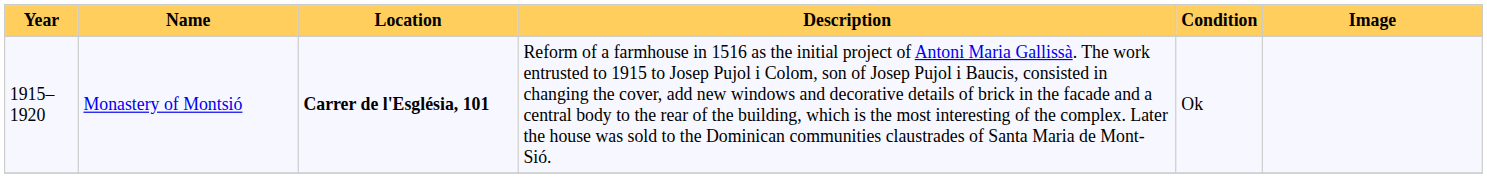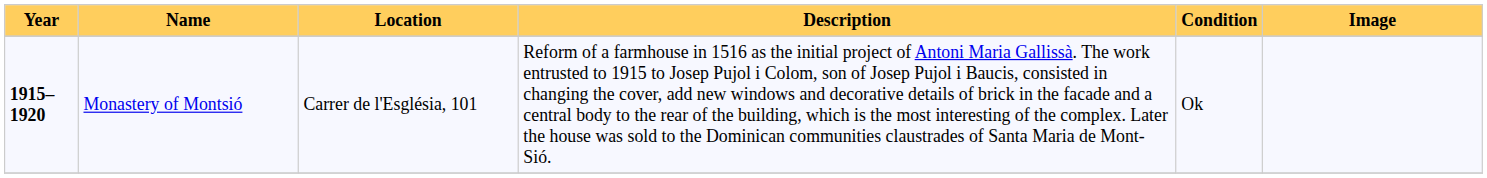 <table bgcolor="#f7f8ff" cellpadding="4" cellspacing="0" border="1" style="font-size: 95%; border: #cccccc solid 1px; border-collapse: collapse;">
 <tr>
 <th width="5%" style="background:#ffce5d;">Year</th>
 <th width="15%" style="background:#ffce5d;">Name</th>
 <th width="15%" style="background:#ffce5d;">Location</th>
 <th width="45%" style="background:#ffce5d;">Description</th>
 <th width="5%" style="background:#ffce5d;">Condition</th>
 <th width="15%" style="background:#ffce5d;">Image</th>
 </tr>
 <tr ---->
 </tr>
 <tr>
-<td>1915–1920</td>
+<td><strong>1915–1920</strong></td>
 <td><a href='#'>Monastery of Montsió</a></td>
-<td><strong>Carrer de l'Església, 101</strong></td>
+<td>Carrer de l'Església, 101</td>
 <td>Reform of a farmhouse in 1516 as the initial project of <a href='#'>Antoni Maria Gallissà</a>. The work entrusted to 1915 to Josep Pujol i Colom, son of Josep Pujol i Baucis, consisted in changing the cover, add new windows and decorative details of brick  in the facade and a central body to the rear of the building, which is the most interesting of the complex. Later the house was sold to the Dominican communities claustrades of Santa Maria de Mont-Sió.</td>
 <td>Ok</td>
 <td></td>
 </tr>
 <tr>
 </tr>
 </table>
